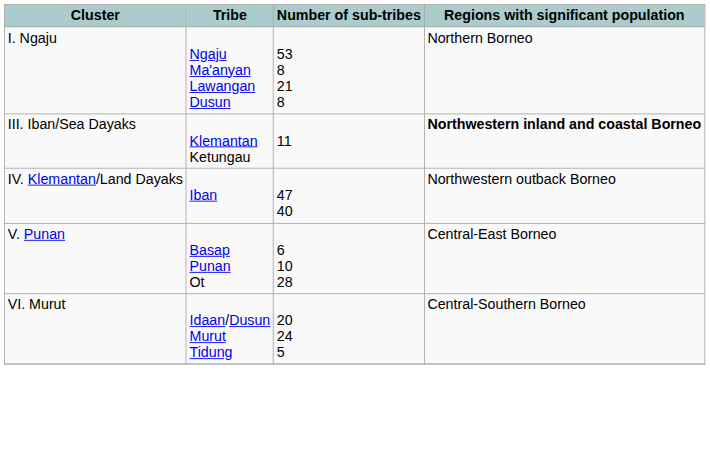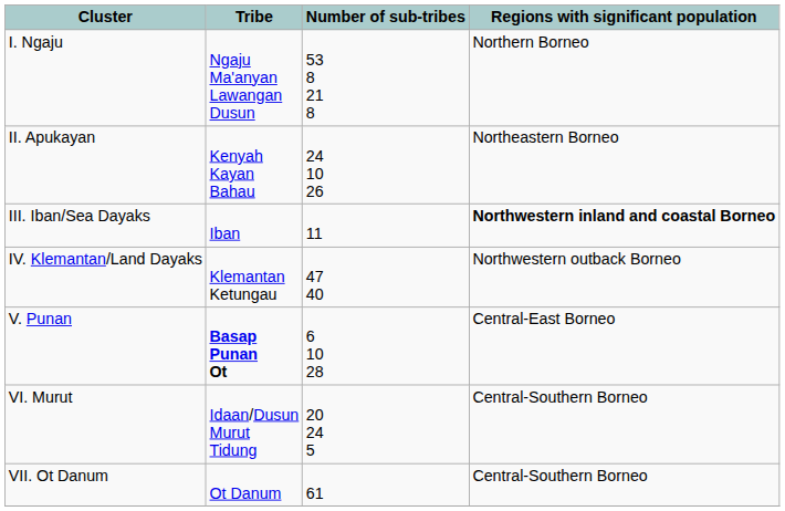 <table class="wikitable">
 <tr>
 <th style="text-align: center; background: #aacccc;">Cluster</th>
 <th style="text-align: center; background: #aacccc;">Tribe</th>
 <th style="text-align: center; background: #aacccc;">Number of sub-tribes</th>
 <th style="text-align: center; background: #aacccc;">Regions with significant population</th>
 </tr>
 <tr valign="top">
 <td>I. Ngaju</td>
 <td><br><a href='#'>Ngaju</a><br> <a href='#'>Ma'anyan</a><br> <a href='#'>Lawangan</a><br> <a href='#'>Dusun</a><br></td>
 <td><br>53<br> 8<br> 21<br> 8<br></td>
 <td>Northern Borneo</td>
 </tr>
 <tr valign="top">
+<td>II. Apukayan</td>
+<td><br><a href='#'>Kenyah</a><br> <a href='#'>Kayan</a><br> <a href='#'>Bahau</a><br></td>
+<td><br>24<br> 10<br> 26<br></td>
+<td>Northeastern Borneo</td>
+</tr>
+<tr valign="top">
 <td>III. Iban/Sea Dayaks</td>
-<td><br><a href='#'>Klemantan</a><br> Ketungau<br></td>
+<td><br><a href='#'>Iban</a></td>
 <td><br>11<br></td>
 <td><strong>Northwestern inland and coastal Borneo</strong></td>
 </tr>
 <tr valign="top">
 <td>IV. <a href='#'>Klemantan</a>/Land Dayaks</td>
-<td><br><a href='#'>Iban</a></td>
+<td><br><a href='#'>Klemantan</a><br> Ketungau<br></td>
 <td><br>47<br> 40<br></td>
 <td>Northwestern outback Borneo</td>
 </tr>
 <tr valign="top">
 <td>V. <a href='#'>Punan</a></td>
-<td><br><a href='#'>Basap</a><br> <a href='#'>Punan</a><br> Ot<br></td>
+<td><strong><br><a href='#'>Basap</a><br> <a href='#'>Punan</a><br> Ot<br></strong></td>
 <td><br>6<br> 10<br> 28<br></td>
 <td>Central-East Borneo</td>
 </tr>
 <tr valign="top">
 <td>VI. Murut</td>
 <td><br><a href='#'>Idaan</a>/<a href='#'>Dusun</a><br> <a href='#'>Murut</a><br> <a href='#'>Tidung</a><br></td>
 <td><br>20<br> 24<br> 5<br></td>
 <td>Central-Southern Borneo</td>
 </tr>
 <tr valign="top">
+<td>VII. Ot Danum</td>
+<td><br><a href='#'>Ot Danum</a></td>
+<td><br>61<br></td>
+<td>Central-Southern Borneo</td>
+</tr>
+<tr valign="top">
 </tr>
 </table>
